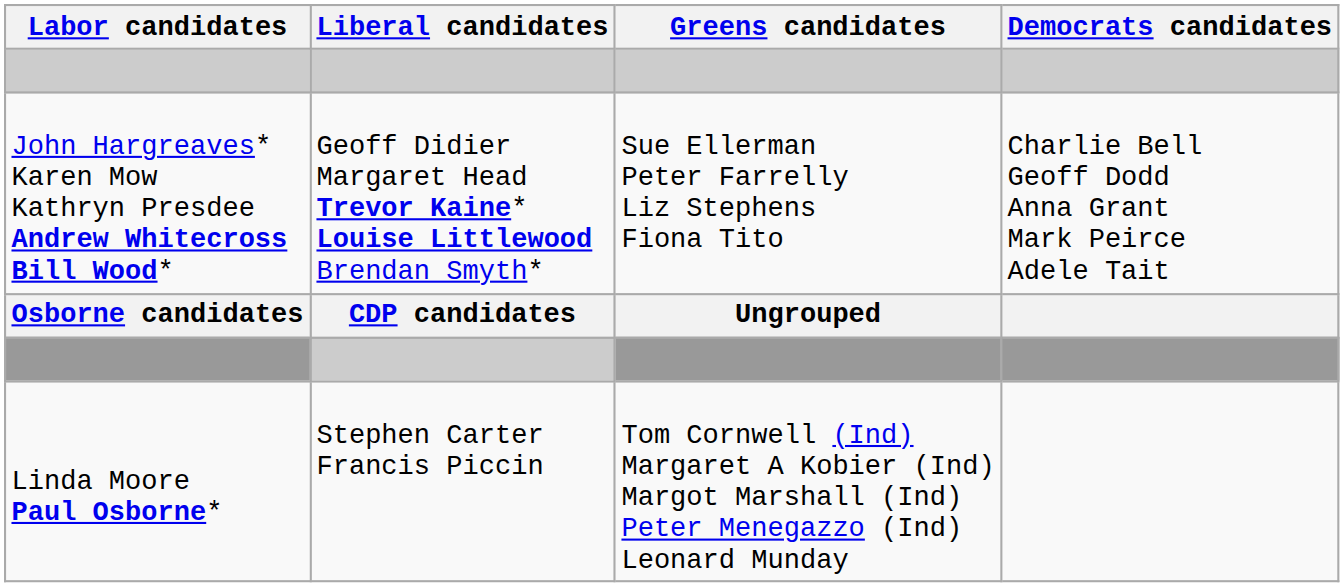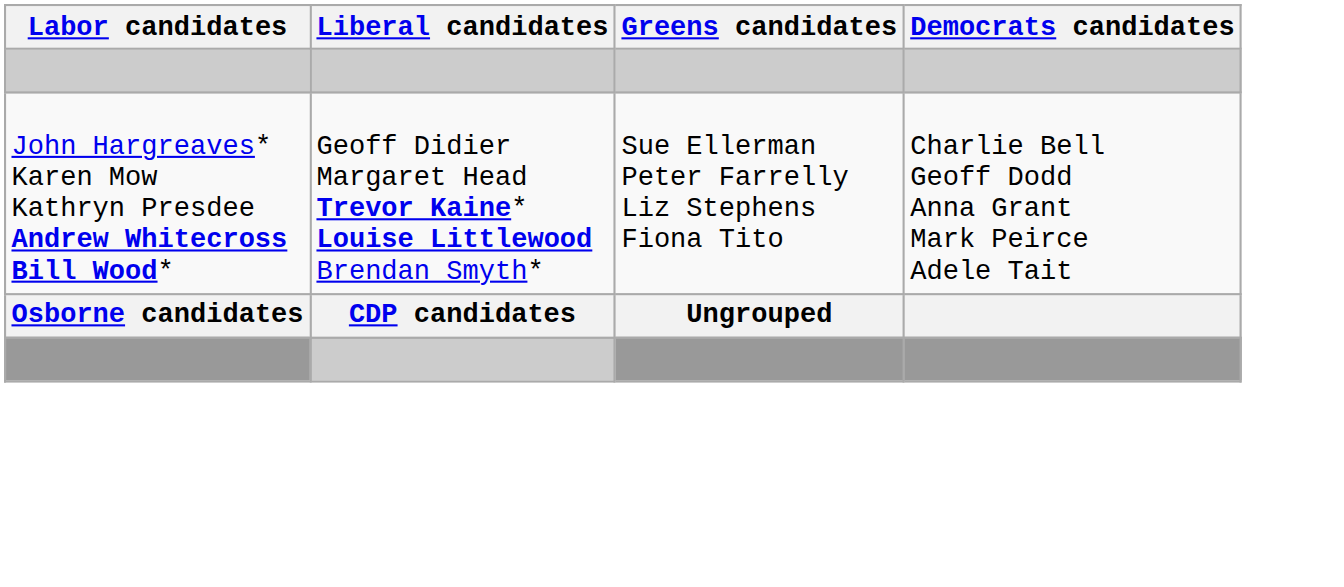 <table class="wikitable">
 <tr>
 <th><a href='#'>Labor</a> candidates</th>
 <th><a href='#'>Liberal</a> candidates</th>
 <th><a href='#'>Greens</a> candidates</th>
 <th><a href='#'>Democrats</a> candidates</th>
 </tr>
 <tr bgcolor="#cccccc">
 <td></td>
 <td></td>
 <td></td>
 <td> </td>
 </tr>
 <tr>
 <td><br><a href='#'>John Hargreaves</a>* <br> Karen Mow <br> Kathryn Presdee <br> <strong><a href='#'>Andrew Whitecross</a></strong> <br> <strong><a href='#'>Bill Wood</a></strong>*</td>
 <td><br>Geoff Didier <br> Margaret Head <br> <strong><a href='#'>Trevor Kaine</a></strong>* <br> <strong><a href='#'>Louise Littlewood</a></strong> <br> <a href='#'>Brendan Smyth</a>*</td>
 <td valign=top><br>Sue Ellerman <br> Peter Farrelly <br> Liz Stephens <br> Fiona Tito</td>
 <td valign=top><br>Charlie Bell <br> Geoff Dodd <br> Anna Grant <br> Mark Peirce <br> Adele Tait</td>
 </tr>
 <tr bgcolor="#cccccc">
 <th><a href='#'>Osborne</a> candidates</th>
 <th><a href='#'>CDP</a> candidates</th>
 <th>Ungrouped</th>
 <th></th>
 </tr>
 <tr bgcolor="#cccccc">
 <td bgcolor="#999999"></td>
 <td></td>
 <td bgcolor="#999999"></td>
 <td bgcolor="#999999"> </td>
 </tr>
-<tr>
-<td><br>Linda Moore <br> <strong><a href='#'>Paul Osborne</a></strong>*</td>
-<td valign=top><br>Stephen Carter <br> Francis Piccin</td>
-<td valign=top><br>Tom Cornwell <a href='#'>(Ind)</a> <br> Margaret A Kobier (Ind) <br> Margot Marshall (Ind) <br> <a href='#'>Peter Menegazzo</a> (Ind) <br> Leonard Munday</td>
-<td valign=top></td>
-</tr>
 </table>
